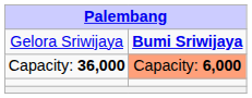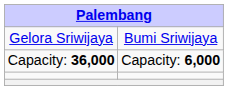 <table class="wikitable" style="text-align:center;">
 <tr>
 <th colspan=2 style = "background-color:#CCCCFF"> <a href='#'>Palembang</a></th>
 </tr>
 <tr>
 <td><a href='#'>Gelora Sriwijaya</a></td>
-<td><strong><a href='#'>Bumi Sriwijaya</a></strong></td>
+<td><a href='#'>Bumi Sriwijaya</a></td>
 </tr>
 <tr>
 <td>Capacity: <strong>36,000</strong></td>
-<td style="background: lightsalmon;">Capacity: <strong>6,000</strong></td>
+<td>Capacity: <strong>6,000</strong></td>
 </tr>
 <tr>
 <td></td>
 <td></td>
 </tr>
 <tr>
 <th colspan=3 rowspan=5 text-align="center"></th>
 </tr>
 </table>
